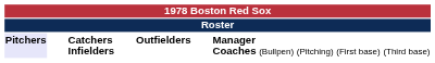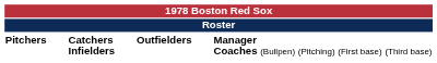 <table class="toccolours" style="text-align: left;">
 <tr>
 <th colspan="10" style="background-color: #ba313c; color: white; text-align: center;">1978 Boston Red Sox</th>
 </tr>
 <tr>
 <td colspan="10" style="background-color: #0d2b56; color: white; text-align: center;"><strong>Roster</strong></td>
 </tr>
 <tr>
-<td valign="top" style="background: lavender;"><strong>Pitchers</strong><br>             </td>
+<td valign="top"><strong>Pitchers</strong><br>             </td>
 <td width="25px"></td>
 <td valign="top"><strong>Catchers</strong><br>  <strong>Infielders</strong>        </td>
 <td width="25px"></td>
 <td valign="top"><strong>Outfielders</strong><br>      </td>
 <td width="25px"></td>
 <td valign="top"><strong>Manager</strong><br> <strong>Coaches</strong>  <small>(Bullpen)</small>  <small>(Pitching)</small>  <small>(First base)</small>  <small>(Third base)</small></td>
 </tr>
 </table>
